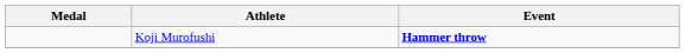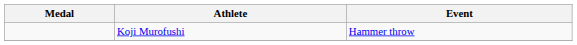 <table class="wikitable" style="font-size:90%" width=60%>
 <tr>
 <th>Medal</th>
 <th>Athlete</th>
 <th>Event</th>
 </tr>
 <tr>
 <td></td>
 <td><a href='#'>Koji Murofushi</a></td>
-<td><strong><a href='#'>Hammer throw</a></strong></td>
+<td><a href='#'>Hammer throw</a></td>
 </tr>
 <tr>
 </tr>
 </table>
